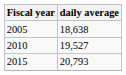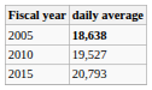 <table class="wikitable">
 <tr>
 <th>Fiscal year</th>
 <th>daily average</th>
 </tr>
 <tr>
 <td>2005</td>
-<td>18,638</td>
+<td><strong>18,638</strong></td>
 </tr>
 <tr>
 <td>2010</td>
 <td>19,527</td>
 </tr>
 <tr>
 <td>2015</td>
 <td>20,793</td>
 </tr>
 <tr>
 </tr>
 </table>
